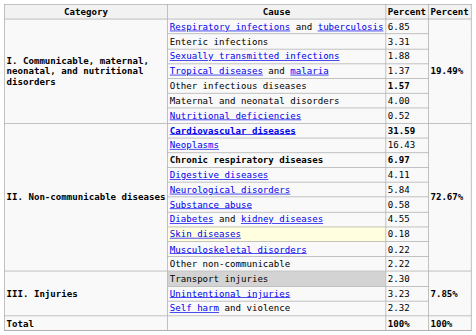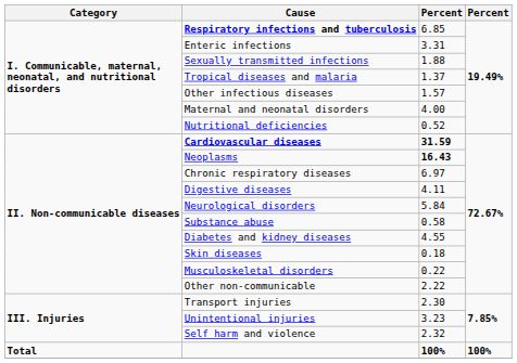 <table class="wikitable sortable mw-datatable static-row-numbers sticky-header col1left col2left">
 <tr>
 <th>Category</th>
 <th>Cause</th>
 <th>Percent</th>
 <th>Percent</th>
 </tr>
 <tr>
 <td rowspan="7" style=max-width:13em;><strong>I. Communicable, maternal, neonatal, and nutritional disorders</strong></td>
-<td><a href='#'>Respiratory infections</a> and <a href='#'>tuberculosis</a></td>
+<td><strong><a href='#'>Respiratory infections</a> and <a href='#'>tuberculosis</a></strong></td>
 <td>6.85</td>
 <td rowspan="7"><strong>19.49%</strong></td>
 </tr>
 <tr>
 <td>Enteric infections</td>
 <td>3.31</td>
 </tr>
 <tr>
 <td><a href='#'>Sexually transmitted infections</a></td>
 <td>1.88</td>
 </tr>
 <tr>
 <td><a href='#'>Tropical diseases</a> and <a href='#'>malaria</a></td>
 <td>1.37</td>
 </tr>
 <tr>
 <td>Other infectious diseases</td>
-<td><strong>1.57</strong></td>
+<td>1.57</td>
 </tr>
 <tr>
 <td>Maternal and neonatal disorders</td>
 <td>4.00</td>
 </tr>
 <tr>
 <td><a href='#'>Nutritional deficiencies</a></td>
 <td>0.52</td>
 </tr>
 <tr>
 <td rowspan="10"><strong>II. Non-communicable diseases</strong></td>
 <td><strong><a href='#'>Cardiovascular diseases</a></strong></td>
 <td><strong>31.59</strong></td>
 <td rowspan="10"><strong>72.67%</strong></td>
 </tr>
 <tr>
 <td><a href='#'>Neoplasms</a></td>
-<td>16.43</td>
+<td><strong>16.43</strong></td>
 </tr>
 <tr>
-<td><strong>Chronic respiratory diseases</strong></td>
-<td><strong>6.97</strong></td>
+<td>Chronic respiratory diseases</td>
+<td>6.97</td>
 </tr>
 <tr>
 <td><a href='#'>Digestive diseases</a></td>
 <td>4.11</td>
 </tr>
 <tr>
 <td><a href='#'>Neurological disorders</a></td>
 <td>5.84</td>
 </tr>
 <tr>
 <td><a href='#'>Substance abuse</a></td>
 <td>0.58</td>
 </tr>
 <tr>
 <td><a href='#'>Diabetes</a> and <a href='#'>kidney diseases</a></td>
 <td>4.55</td>
 </tr>
 <tr>
-<td style="background: lightyellow;"><a href='#'>Skin diseases</a></td>
+<td><a href='#'>Skin diseases</a></td>
 <td>0.18</td>
 </tr>
 <tr>
 <td><a href='#'>Musculoskeletal disorders</a></td>
 <td>0.22</td>
 </tr>
 <tr>
 <td>Other non-communicable</td>
 <td>2.22</td>
 </tr>
 <tr>
 <td rowspan="3"><strong>III. Injuries</strong></td>
-<td style="background: lightgrey;">Transport injuries</td>
+<td>Transport injuries</td>
 <td>2.30</td>
 <td rowspan="3"><strong>7.85%</strong></td>
 </tr>
 <tr>
 <td><a href='#'>Unintentional injuries</a></td>
 <td>3.23</td>
 </tr>
 <tr>
 <td><a href='#'>Self harm</a> and violence</td>
 <td>2.32</td>
 </tr>
 <tr>
 <td><strong>Total</strong></td>
 <td></td>
 <td><strong>100%</strong></td>
 <td><strong>100%</strong></td>
 </tr>
 <tr>
 </tr>
 </table>
